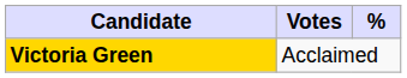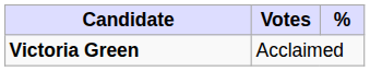 <table class="wikitable">
 <tr>
 <th style="background:#ddf; width:200px;">Candidate</th>
 <th style="background:#ddf; width:50px;">Votes</th>
 <th style="background:#ddf; width:30px;">%</th>
 </tr>
 <tr>
-<td style="background: gold;"><strong>Victoria Green</strong></td>
+<td><strong>Victoria Green</strong></td>
 <td colspan="2">Acclaimed</td>
 </tr>
 </table>
